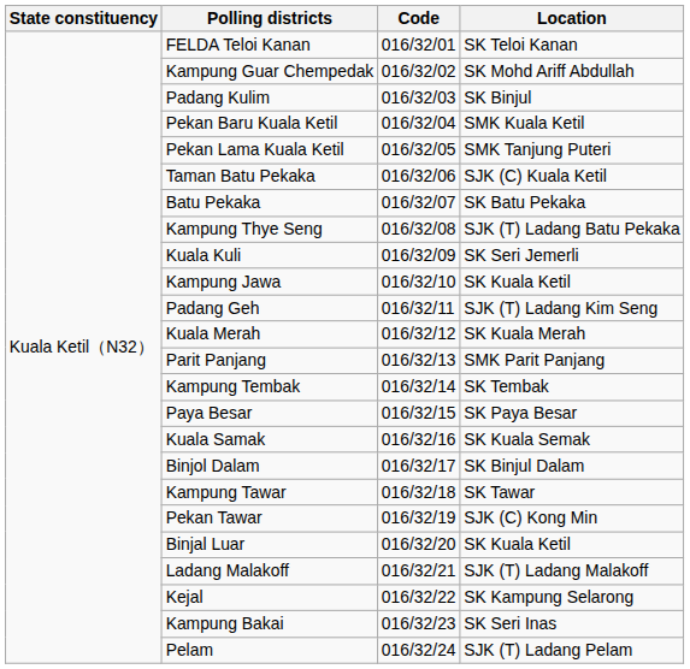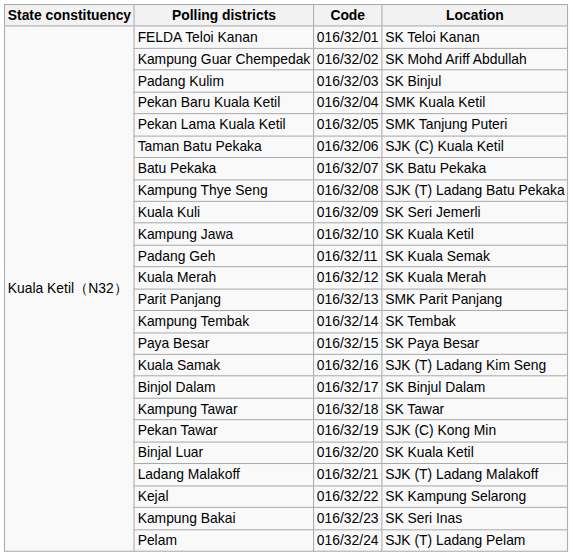 <table class="wikitable sortable mw-collapsible" style="white-space:nowrap;font-size:85%">
 <tr>
 <th>State constituency</th>
 <th>Polling districts</th>
 <th>Code</th>
 <th>Location</th>
 </tr>
 <tr>
 <td rowspan="24">Kuala Ketil（N32）</td>
 <td>FELDA Teloi Kanan</td>
 <td>016/32/01</td>
 <td>SK Teloi Kanan</td>
 </tr>
 <tr>
 <td>Kampung Guar Chempedak</td>
 <td>016/32/02</td>
 <td>SK Mohd Ariff Abdullah</td>
 </tr>
 <tr>
 <td>Padang Kulim</td>
 <td>016/32/03</td>
 <td>SK Binjul</td>
 </tr>
 <tr>
 <td>Pekan Baru Kuala Ketil</td>
 <td>016/32/04</td>
 <td>SMK Kuala Ketil</td>
 </tr>
 <tr>
 <td>Pekan Lama Kuala Ketil</td>
 <td>016/32/05</td>
 <td>SMK Tanjung Puteri</td>
 </tr>
 <tr>
 <td>Taman Batu Pekaka</td>
 <td>016/32/06</td>
 <td>SJK (C) Kuala Ketil</td>
 </tr>
 <tr>
 <td>Batu Pekaka</td>
 <td>016/32/07</td>
 <td>SK Batu Pekaka</td>
 </tr>
 <tr>
 <td>Kampung Thye Seng</td>
 <td>016/32/08</td>
 <td>SJK (T) Ladang Batu Pekaka</td>
 </tr>
 <tr>
 <td>Kuala Kuli</td>
 <td>016/32/09</td>
 <td>SK Seri Jemerli</td>
 </tr>
 <tr>
 <td>Kampung Jawa</td>
 <td>016/32/10</td>
 <td>SK Kuala Ketil</td>
 </tr>
 <tr>
 <td>Padang Geh</td>
 <td>016/32/11</td>
-<td>SJK (T) Ladang Kim Seng</td>
+<td>SK Kuala Semak</td>
 </tr>
 <tr>
 <td>Kuala Merah</td>
 <td>016/32/12</td>
 <td>SK Kuala Merah</td>
 </tr>
 <tr>
 <td>Parit Panjang</td>
 <td>016/32/13</td>
 <td>SMK Parit Panjang</td>
 </tr>
 <tr>
 <td>Kampung Tembak</td>
 <td>016/32/14</td>
 <td>SK Tembak</td>
 </tr>
 <tr>
 <td>Paya Besar</td>
 <td>016/32/15</td>
 <td>SK Paya Besar</td>
 </tr>
 <tr>
 <td>Kuala Samak</td>
 <td>016/32/16</td>
-<td>SK Kuala Semak</td>
+<td>SJK (T) Ladang Kim Seng</td>
 </tr>
 <tr>
 <td>Binjol Dalam</td>
 <td>016/32/17</td>
 <td>SK Binjul Dalam</td>
 </tr>
 <tr>
 <td>Kampung Tawar</td>
 <td>016/32/18</td>
 <td>SK Tawar</td>
 </tr>
 <tr>
 <td>Pekan Tawar</td>
 <td>016/32/19</td>
 <td>SJK (C) Kong Min</td>
 </tr>
 <tr>
 <td>Binjal Luar</td>
 <td>016/32/20</td>
 <td>SK Kuala Ketil</td>
 </tr>
 <tr>
 <td>Ladang Malakoff</td>
 <td>016/32/21</td>
 <td>SJK (T) Ladang Malakoff</td>
 </tr>
 <tr>
 <td>Kejal</td>
 <td>016/32/22</td>
 <td>SK Kampung Selarong</td>
 </tr>
 <tr>
 <td>Kampung Bakai</td>
 <td>016/32/23</td>
 <td>SK Seri Inas</td>
 </tr>
 <tr>
 <td>Pelam</td>
 <td>016/32/24</td>
 <td>SJK (T) Ladang Pelam</td>
 </tr>
 </table>
